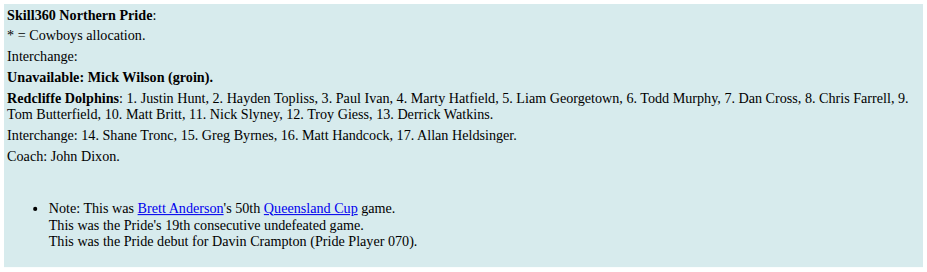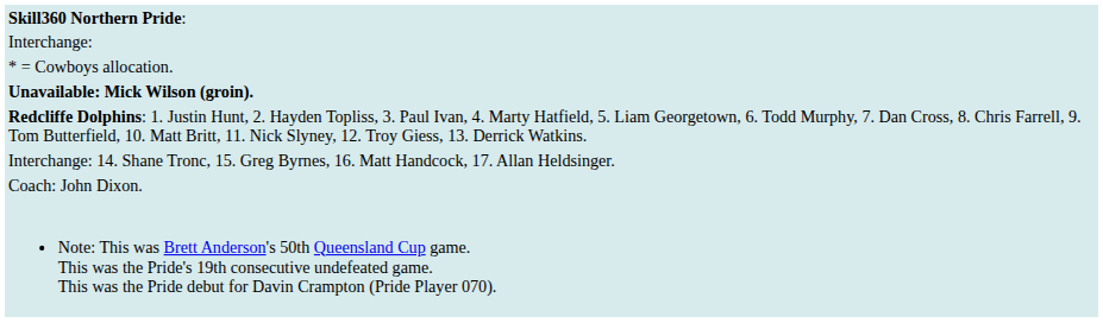 <table style="background:#d7ebed; font-size:85%; width:100%;">
 <tr>
 <td><strong>Skill360 Northern Pride</strong>:             </td>
 </tr>
 <tr>
-<td>* = Cowboys allocation.</td>
+<td>Interchange:   </td>
 </tr>
 <tr>
-<td>Interchange:   </td>
+<td>* = Cowboys allocation.</td>
 </tr>
 <tr>
 <td><strong>Unavailable: Mick Wilson (groin).</strong></td>
 </tr>
 <tr>
 <td><strong>Redcliffe Dolphins</strong>: 1. Justin Hunt, 2. Hayden Topliss, 3. Paul Ivan, 4. Marty Hatfield, 5. Liam Georgetown, 6. Todd Murphy, 7. Dan Cross, 8. Chris Farrell, 9. Tom Butterfield, 10. Matt Britt, 11. Nick Slyney, 12. Troy Giess, 13. Derrick Watkins.</td>
 </tr>
 <tr>
 <td>Interchange: 14. Shane Tronc, 15. Greg Byrnes, 16. Matt Handcock, 17. Allan Heldsinger.</td>
 </tr>
 <tr>
 <td>Coach: John Dixon.</td>
 </tr>
 <tr>
 <td><br><ul><li>Note: This was <a href='#'>Brett Anderson</a>'s 50th <a href='#'>Queensland Cup</a> game.<br>This was the Pride's 19th consecutive undefeated game.<br>This was the Pride debut for Davin Crampton (Pride Player 070).</li></ul></td>
 </tr>
 </table>
